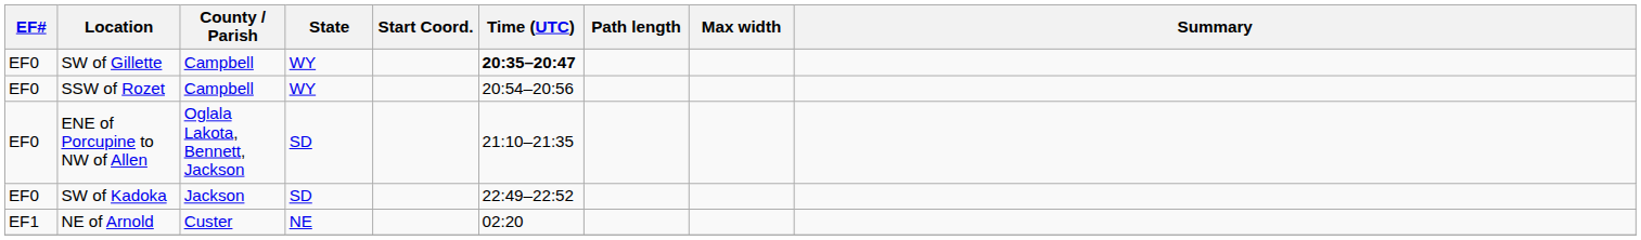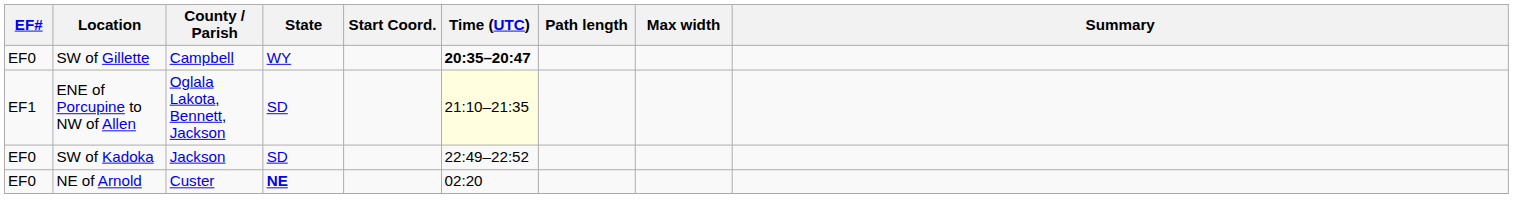 <table class="wikitable sortable" style="width:100%;">
 <tr>
 <th scope="col"  style="width:3%; text-align:center;"><a href='#'>EF#</a></th>
 <th scope="col"  style="width:7%; text-align:center;" class="unsortable">Location</th>
 <th scope="col"  style="width:6%; text-align:center;" class="unsortable">County / Parish</th>
 <th scope="col"  style="width:5%; text-align:center;">State</th>
 <th scope="col"  style="width:6%; text-align:center;">Start Coord.</th>
 <th scope="col"  style="width:6%; text-align:center;">Time (<a href='#'>UTC</a>)</th>
 <th scope="col"  style="width:6%; text-align:center;">Path length</th>
 <th scope="col"  style="width:6%; text-align:center;">Max width</th>
 <th scope="col" class="unsortable" style="width:48%; text-align:center;">Summary</th>
 </tr>
 <tr>
 <td>EF0</td>
 <td>SW of <a href='#'>Gillette</a></td>
 <td><a href='#'>Campbell</a></td>
 <td><a href='#'>WY</a></td>
 <td></td>
 <td><strong>20:35–20:47</strong></td>
 <td></td>
 <td></td>
 <td></td>
 </tr>
 <tr>
-<td>EF0</td>
-<td>SSW of <a href='#'>Rozet</a></td>
-<td><a href='#'>Campbell</a></td>
-<td><a href='#'>WY</a></td>
-<td></td>
-<td>20:54–20:56</td>
-<td></td>
-<td></td>
-<td></td>
-</tr>
-<tr>
-<td>EF0</td>
+<td>EF1</td>
 <td>ENE of <a href='#'>Porcupine</a> to NW of <a href='#'>Allen</a></td>
 <td><a href='#'>Oglala Lakota</a>, <a href='#'>Bennett</a>, <a href='#'>Jackson</a></td>
 <td><a href='#'>SD</a></td>
 <td></td>
-<td>21:10–21:35</td>
+<td style="background: lightyellow;">21:10–21:35</td>
 <td></td>
 <td></td>
 <td></td>
 </tr>
 <tr>
 <td>EF0</td>
 <td>SW of <a href='#'>Kadoka</a></td>
 <td><a href='#'>Jackson</a></td>
 <td><a href='#'>SD</a></td>
 <td></td>
 <td>22:49–22:52</td>
 <td></td>
 <td></td>
 <td></td>
 </tr>
 <tr>
-<td>EF1</td>
+<td>EF0</td>
 <td>NE of <a href='#'>Arnold</a></td>
 <td><a href='#'>Custer</a></td>
-<td><a href='#'>NE</a></td>
+<td><strong><a href='#'>NE</a></strong></td>
 <td></td>
 <td>02:20</td>
 <td></td>
 <td></td>
 <td></td>
 </tr>
 <tr>
 </tr>
 </table>
